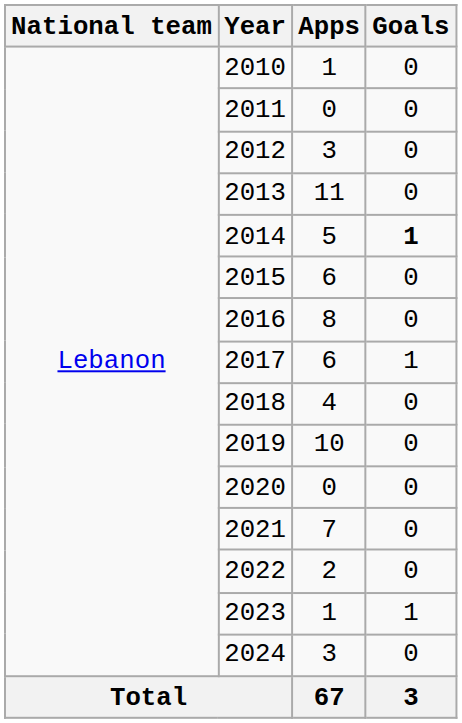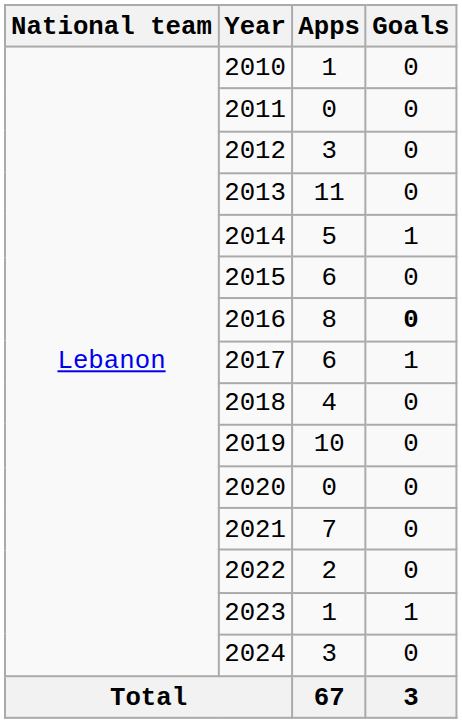 <table class="wikitable" style="text-align:center">
 <tr>
 <th>National team</th>
 <th>Year</th>
 <th>Apps</th>
 <th>Goals</th>
 </tr>
 <tr>
 <td rowspan="15"><a href='#'>Lebanon</a></td>
 <td>2010</td>
 <td>1</td>
 <td>0</td>
 </tr>
 <tr>
 <td>2011</td>
 <td>0</td>
 <td>0</td>
 </tr>
 <tr>
 <td>2012</td>
 <td>3</td>
 <td>0</td>
 </tr>
 <tr>
 <td>2013</td>
 <td>11</td>
 <td>0</td>
 </tr>
 <tr>
 <td>2014</td>
 <td>5</td>
-<td><strong>1</strong></td>
+<td>1</td>
 </tr>
 <tr>
 <td>2015</td>
 <td>6</td>
 <td>0</td>
 </tr>
 <tr>
 <td>2016</td>
 <td>8</td>
-<td>0</td>
+<td><strong>0</strong></td>
 </tr>
 <tr>
 <td>2017</td>
 <td>6</td>
 <td>1</td>
 </tr>
 <tr>
 <td>2018</td>
 <td>4</td>
 <td>0</td>
 </tr>
 <tr>
 <td>2019</td>
 <td>10</td>
 <td>0</td>
 </tr>
 <tr>
 <td>2020</td>
 <td>0</td>
 <td>0</td>
 </tr>
 <tr>
 <td>2021</td>
 <td>7</td>
 <td>0</td>
 </tr>
 <tr>
 <td>2022</td>
 <td>2</td>
 <td>0</td>
 </tr>
 <tr>
 <td>2023</td>
 <td>1</td>
 <td>1</td>
 </tr>
 <tr>
 <td>2024</td>
 <td>3</td>
 <td>0</td>
 </tr>
 <tr>
 <th colspan="2">Total</th>
 <th>67</th>
 <th>3</th>
 </tr>
 </table>
